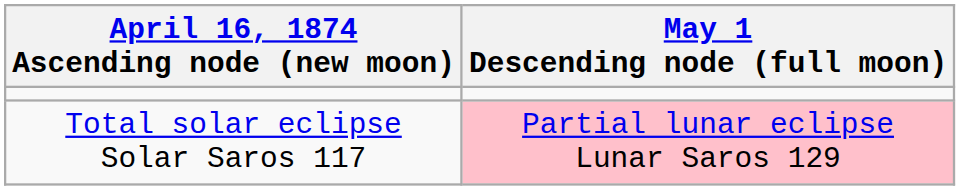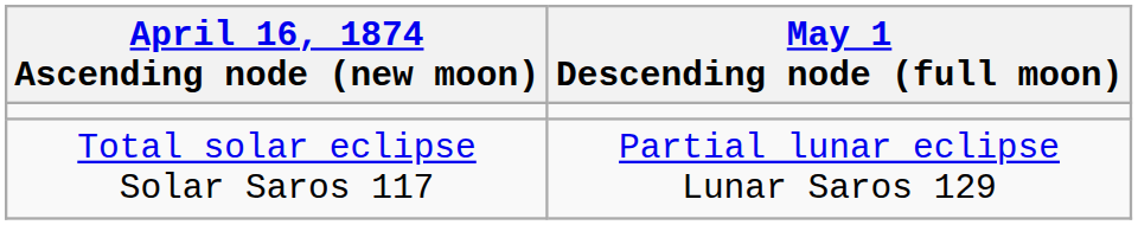 <table class="wikitable">
 <tr>
 <th><a href='#'>April 16, 1874</a><br>Ascending node (new moon)<br></th>
 <th><a href='#'>May 1</a><br>Descending node (full moon)<br></th>
 </tr>
 <tr>
 <td></td>
 <td></td>
 </tr>
 <tr align=center>
 <td><a href='#'>Total solar eclipse</a><br>Solar Saros 117</td>
-<td style="background: pink;"><a href='#'>Partial lunar eclipse</a><br>Lunar Saros 129</td>
+<td><a href='#'>Partial lunar eclipse</a><br>Lunar Saros 129</td>
 </tr>
 </table>
